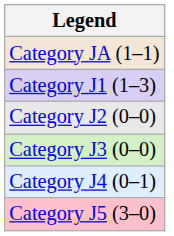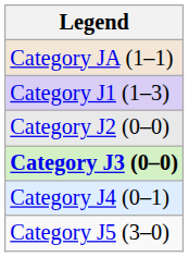 <table class="wikitable">
 <tr>
 <th>Legend</th>
 </tr>
 <tr bgcolor="F3E6D7">
 <td><a href='#'>Category JA</a> (1–1)</td>
 </tr>
 <tr bgcolor="d8cef6">
 <td><a href='#'>Category J1</a> (1–3)</td>
 </tr>
 <tr bgcolor="e9e9e9">
 <td><a href='#'>Category J2</a> (0–0)</td>
 </tr>
 <tr bgcolor="D4F1C5">
-<td><a href='#'>Category J3</a> (0–0)</td>
+<td><strong><a href='#'>Category J3</a> (0–0)</strong></td>
 </tr>
 <tr bgcolor="dfeeff">
 <td><a href='#'>Category J4</a> (0–1)</td>
 </tr>
 <tr>
-<td style="background: pink;"><a href='#'>Category J5</a> (3–0)</td>
+<td><a href='#'>Category J5</a> (3–0)</td>
 </tr>
 </table>
